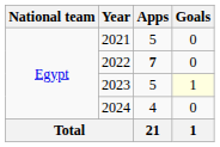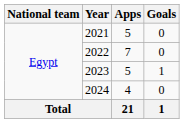 <table class = "wikitable" style = "text-align:center">
 <tr>
 <th>National team</th>
 <th>Year</th>
 <th>Apps</th>
 <th>Goals</th>
 </tr>
 <tr>
 <td rowspan="4"><a href='#'>Egypt</a></td>
 <td>2021</td>
 <td>5</td>
 <td>0</td>
 </tr>
 <tr>
 <td>2022</td>
-<td><strong>7</strong></td>
+<td>7</td>
 <td>0</td>
 </tr>
 <tr>
 <td>2023</td>
 <td>5</td>
-<td style="background: lightyellow;">1</td>
+<td>1</td>
 </tr>
 <tr>
 <td>2024</td>
 <td>4</td>
 <td>0</td>
 </tr>
 <tr>
 <th colspan="2">Total</th>
 <th>21</th>
 <th>1</th>
 </tr>
 </table>
